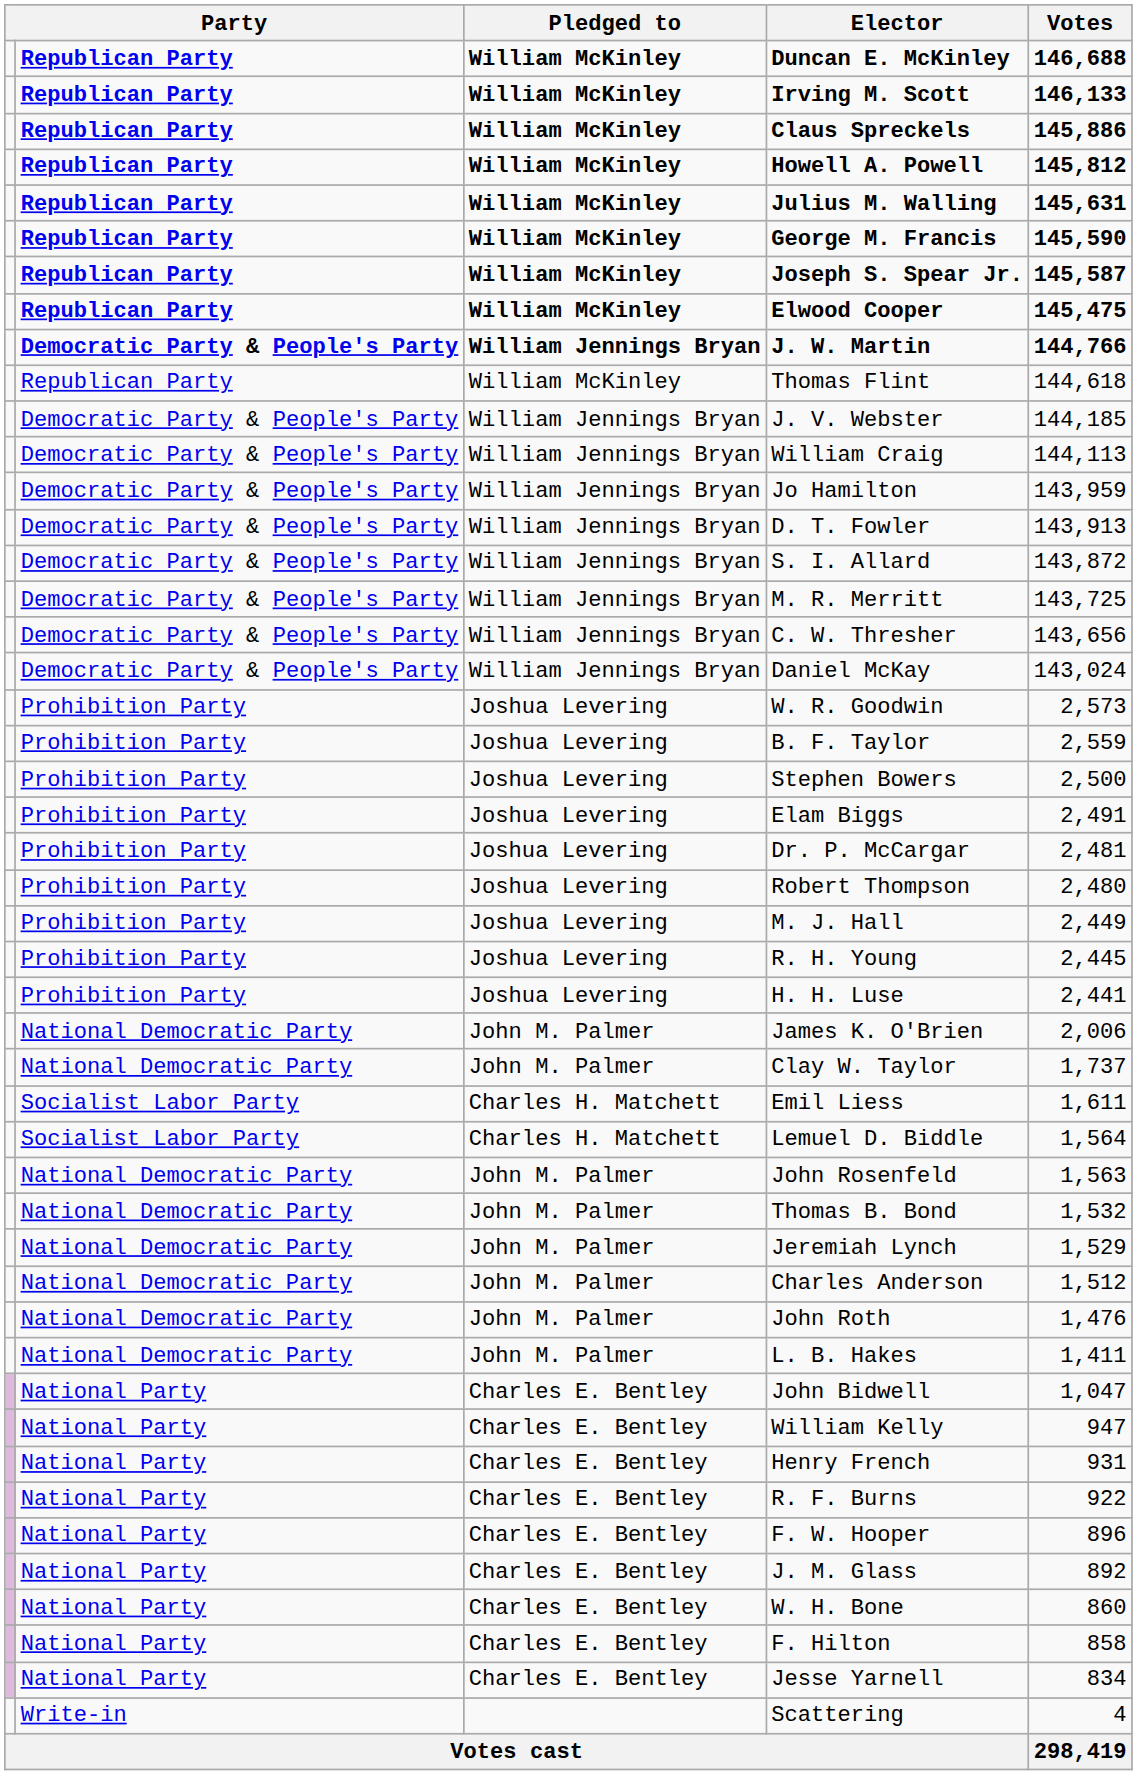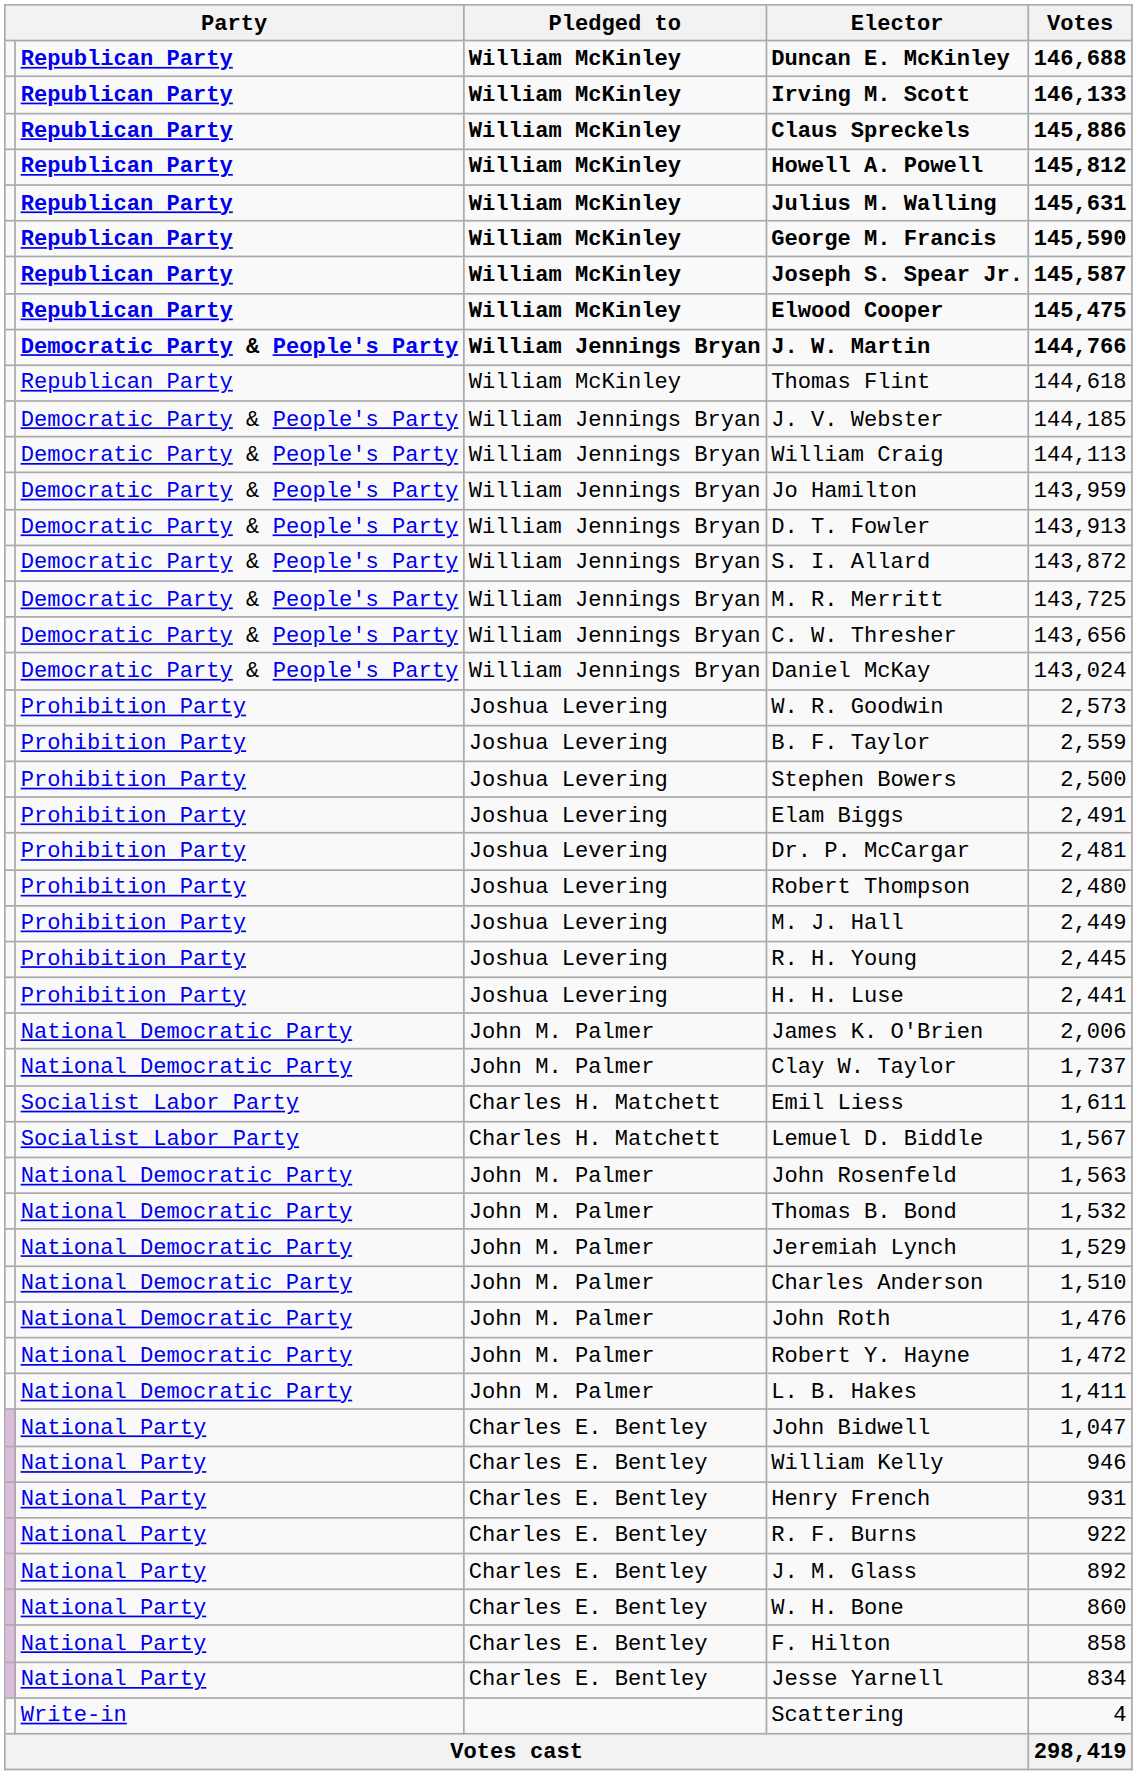 <table class="wikitable">
 <tr>
 <th colspan=2>Party</th>
 <th>Pledged to</th>
 <th>Elector</th>
 <th>Votes</th>
 </tr>
 <tr style="font-weight:bold">
 <td></td>
 <td><a href='#'>Republican Party</a></td>
 <td>William McKinley</td>
 <td>Duncan E. McKinley</td>
 <td align=right>146,688</td>
 </tr>
 <tr style="font-weight:bold">
 <td></td>
 <td><a href='#'>Republican Party</a></td>
 <td>William McKinley</td>
 <td>Irving M. Scott</td>
 <td align="right">146,133</td>
 </tr>
 <tr style="font-weight:bold">
 <td></td>
 <td><a href='#'>Republican Party</a></td>
 <td>William McKinley</td>
 <td>Claus Spreckels</td>
 <td align="right">145,886</td>
 </tr>
 <tr style="font-weight:bold">
 <td></td>
 <td><a href='#'>Republican Party</a></td>
 <td>William McKinley</td>
 <td>Howell A. Powell</td>
 <td align="right">145,812</td>
 </tr>
 <tr style="font-weight:bold">
 <td></td>
 <td><a href='#'>Republican Party</a></td>
 <td>William McKinley</td>
 <td>Julius M. Walling</td>
 <td align="right">145,631</td>
 </tr>
 <tr style="font-weight:bold">
 <td></td>
 <td><a href='#'>Republican Party</a></td>
 <td>William McKinley</td>
 <td>George M. Francis</td>
 <td align="right">145,590</td>
 </tr>
 <tr style="font-weight:bold">
 <td></td>
 <td><a href='#'>Republican Party</a></td>
 <td>William McKinley</td>
 <td>Joseph S. Spear Jr.</td>
 <td align="right">145,587</td>
 </tr>
 <tr style="font-weight:bold">
 <td></td>
 <td><a href='#'>Republican Party</a></td>
 <td>William McKinley</td>
 <td>Elwood Cooper</td>
 <td align="right">145,475</td>
 </tr>
 <tr style="font-weight:bold">
 <td bgcolor=></td>
 <td><a href='#'>Democratic Party</a> & <a href='#'>People's Party</a></td>
 <td>William Jennings Bryan</td>
 <td>J. W. Martin</td>
 <td align="right">144,766</td>
 </tr>
 <tr>
 <td></td>
 <td><a href='#'>Republican Party</a></td>
 <td>William McKinley</td>
 <td>Thomas Flint</td>
 <td align=right>144,618</td>
 </tr>
 <tr>
 <td bgcolor=></td>
 <td><a href='#'>Democratic Party</a> & <a href='#'>People's Party</a></td>
 <td>William Jennings Bryan</td>
 <td>J. V. Webster</td>
 <td align="right">144,185</td>
 </tr>
 <tr>
 <td bgcolor=></td>
 <td><a href='#'>Democratic Party</a> & <a href='#'>People's Party</a></td>
 <td>William Jennings Bryan</td>
 <td>William Craig</td>
 <td align=right>144,113</td>
 </tr>
 <tr>
 <td bgcolor=></td>
 <td><a href='#'>Democratic Party</a> & <a href='#'>People's Party</a></td>
 <td>William Jennings Bryan</td>
 <td>Jo Hamilton</td>
 <td align=right>143,959</td>
 </tr>
 <tr>
 <td bgcolor=></td>
 <td><a href='#'>Democratic Party</a> & <a href='#'>People's Party</a></td>
 <td>William Jennings Bryan</td>
 <td>D. T. Fowler</td>
 <td align=right>143,913</td>
 </tr>
 <tr>
 <td bgcolor=></td>
 <td><a href='#'>Democratic Party</a> & <a href='#'>People's Party</a></td>
 <td>William Jennings Bryan</td>
 <td>S. I. Allard</td>
 <td align="right">143,872</td>
 </tr>
 <tr>
 <td bgcolor=></td>
 <td><a href='#'>Democratic Party</a> & <a href='#'>People's Party</a></td>
 <td>William Jennings Bryan</td>
 <td>M. R. Merritt</td>
 <td align="right">143,725</td>
 </tr>
 <tr>
 <td bgcolor=></td>
 <td><a href='#'>Democratic Party</a> & <a href='#'>People's Party</a></td>
 <td>William Jennings Bryan</td>
 <td>C. W. Thresher</td>
 <td align="right">143,656</td>
 </tr>
 <tr>
 <td bgcolor=></td>
 <td><a href='#'>Democratic Party</a> & <a href='#'>People's Party</a></td>
 <td>William Jennings Bryan</td>
 <td>Daniel McKay</td>
 <td align="right">143,024</td>
 </tr>
 <tr>
 <td></td>
 <td><a href='#'>Prohibition Party</a></td>
 <td>Joshua Levering</td>
 <td>W. R. Goodwin</td>
 <td align="right">2,573</td>
 </tr>
 <tr>
 <td></td>
 <td><a href='#'>Prohibition Party</a></td>
 <td>Joshua Levering</td>
 <td>B. F. Taylor</td>
 <td align="right">2,559</td>
 </tr>
 <tr>
 <td></td>
 <td><a href='#'>Prohibition Party</a></td>
 <td>Joshua Levering</td>
 <td>Stephen Bowers</td>
 <td align="right">2,500</td>
 </tr>
 <tr>
 <td></td>
 <td><a href='#'>Prohibition Party</a></td>
 <td>Joshua Levering</td>
 <td>Elam Biggs</td>
 <td align="right">2,491</td>
 </tr>
 <tr>
 <td></td>
 <td><a href='#'>Prohibition Party</a></td>
 <td>Joshua Levering</td>
 <td>Dr. P. McCargar</td>
 <td align="right">2,481</td>
 </tr>
 <tr>
 <td></td>
 <td><a href='#'>Prohibition Party</a></td>
 <td>Joshua Levering</td>
 <td>Robert Thompson</td>
 <td align="right">2,480</td>
 </tr>
 <tr>
 <td></td>
 <td><a href='#'>Prohibition Party</a></td>
 <td>Joshua Levering</td>
 <td>M. J. Hall</td>
 <td align="right">2,449</td>
 </tr>
 <tr>
 <td></td>
 <td><a href='#'>Prohibition Party</a></td>
 <td>Joshua Levering</td>
 <td>R. H. Young</td>
 <td align="right">2,445</td>
 </tr>
 <tr>
 <td></td>
 <td><a href='#'>Prohibition Party</a></td>
 <td>Joshua Levering</td>
 <td>H. H. Luse</td>
 <td align="right">2,441</td>
 </tr>
 <tr>
 <td bgcolor=></td>
 <td><a href='#'>National Democratic Party</a></td>
 <td>John M. Palmer</td>
 <td>James K. O'Brien</td>
 <td align="right">2,006</td>
 </tr>
 <tr>
 <td bgcolor=></td>
 <td><a href='#'>National Democratic Party</a></td>
 <td>John M. Palmer</td>
 <td>Clay W. Taylor</td>
 <td align="right">1,737</td>
 </tr>
 <tr>
 <td bgcolor=></td>
 <td><a href='#'>Socialist Labor Party</a></td>
 <td>Charles H. Matchett</td>
 <td>Emil Liess</td>
 <td align="right">1,611</td>
 </tr>
 <tr>
 <td bgcolor=></td>
 <td><a href='#'>Socialist Labor Party</a></td>
 <td>Charles H. Matchett</td>
 <td>Lemuel D. Biddle</td>
-<td align="right">1,564</td>
+<td align="right">1,567</td>
 </tr>
 <tr>
 <td bgcolor=></td>
 <td><a href='#'>National Democratic Party</a></td>
 <td>John M. Palmer</td>
 <td>John Rosenfeld</td>
 <td align="right">1,563</td>
 </tr>
 <tr>
 <td bgcolor=></td>
 <td><a href='#'>National Democratic Party</a></td>
 <td>John M. Palmer</td>
 <td>Thomas B. Bond</td>
 <td align="right">1,532</td>
 </tr>
 <tr>
 <td bgcolor=></td>
 <td><a href='#'>National Democratic Party</a></td>
 <td>John M. Palmer</td>
 <td>Jeremiah Lynch</td>
 <td align="right">1,529</td>
 </tr>
 <tr>
 <td bgcolor=></td>
 <td><a href='#'>National Democratic Party</a></td>
 <td>John M. Palmer</td>
 <td>Charles Anderson</td>
-<td align="right">1,512</td>
+<td align="right">1,510</td>
 </tr>
 <tr>
 <td bgcolor=></td>
 <td><a href='#'>National Democratic Party</a></td>
 <td>John M. Palmer</td>
 <td>John Roth</td>
 <td align="right">1,476</td>
+</tr>
+<tr>
+<td bgcolor=></td>
+<td><a href='#'>National Democratic Party</a></td>
+<td>John M. Palmer</td>
+<td>Robert Y. Hayne</td>
+<td align="right">1,472</td>
 </tr>
 <tr>
 <td bgcolor=></td>
 <td><a href='#'>National Democratic Party</a></td>
 <td>John M. Palmer</td>
 <td>L. B. Hakes</td>
 <td align="right">1,411</td>
 </tr>
 <tr>
 <td bgcolor="#DDBBDD"></td>
 <td><a href='#'>National Party</a></td>
 <td>Charles E. Bentley</td>
 <td>John Bidwell</td>
 <td align="right">1,047</td>
 </tr>
 <tr>
 <td bgcolor="#DDBBDD"></td>
 <td><a href='#'>National Party</a></td>
 <td>Charles E. Bentley</td>
 <td>William Kelly</td>
-<td align="right">947</td>
+<td align="right">946</td>
 </tr>
 <tr>
 <td bgcolor="#DDBBDD"></td>
 <td><a href='#'>National Party</a></td>
 <td>Charles E. Bentley</td>
 <td>Henry French</td>
 <td align="right">931</td>
 </tr>
 <tr>
 <td bgcolor="#DDBBDD"></td>
 <td><a href='#'>National Party</a></td>
 <td>Charles E. Bentley</td>
 <td>R. F. Burns</td>
 <td align="right">922</td>
-</tr>
-<tr>
-<td bgcolor="#DDBBDD"></td>
-<td><a href='#'>National Party</a></td>
-<td>Charles E. Bentley</td>
-<td>F. W. Hooper</td>
-<td align="right">896</td>
 </tr>
 <tr>
 <td bgcolor="#DDBBDD"></td>
 <td><a href='#'>National Party</a></td>
 <td>Charles E. Bentley</td>
 <td>J. M. Glass</td>
 <td align="right">892</td>
 </tr>
 <tr>
 <td bgcolor="#DDBBDD"></td>
 <td><a href='#'>National Party</a></td>
 <td>Charles E. Bentley</td>
 <td>W. H. Bone</td>
 <td align="right">860</td>
 </tr>
 <tr>
 <td bgcolor="#DDBBDD"></td>
 <td><a href='#'>National Party</a></td>
 <td>Charles E. Bentley</td>
 <td>F. Hilton</td>
 <td align="right">858</td>
 </tr>
 <tr>
 <td bgcolor="#DDBBDD"></td>
 <td><a href='#'>National Party</a></td>
 <td>Charles E. Bentley</td>
 <td>Jesse Yarnell</td>
 <td align="right">834</td>
 </tr>
 <tr>
 <td></td>
 <td><a href='#'>Write-in</a></td>
 <td></td>
 <td>Scattering</td>
 <td align="right">4</td>
 </tr>
 <tr>
 <th colspan="4">Votes cast</th>
 <th>298,419</th>
 </tr>
 </table>
